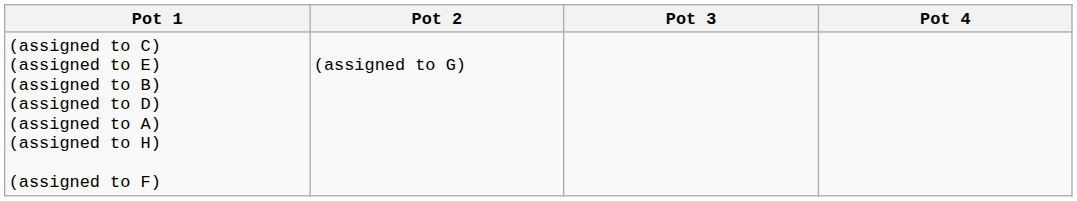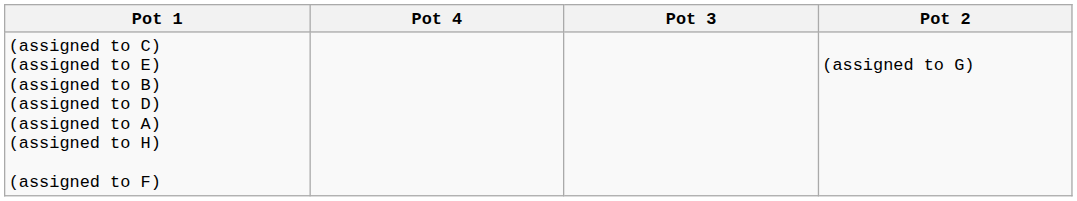 <table class="wikitable">
 <tr>
 <th style="width: 18%;">Pot 1</th>
+<th style="width: 15%;">Pot 4</th>
+<th style="width: 15%;">Pot 3</th>
 <th style="width: 15%;">Pot 2</th>
-<th style="width: 15%;">Pot 3</th>
-<th style="width: 15%;">Pot 4</th>
 </tr>
 <tr>
 <td style="vertical-align: top;"> (assigned to C)<br> (assigned to E)<br> (assigned to B)<br> (assigned to D)<br> (assigned to A)<br> (assigned to H)<br><br> (assigned to F)</td>
-<td style="vertical-align: top;"><br> (assigned to G)<br><br><br><br><br><br></td>
 <td style="vertical-align: top;"><br><br><br><br><br><br><br></td>
 <td style="vertical-align: top;"><br><br><br><br><br><br><br></td>
+<td style="vertical-align: top;"><br> (assigned to G)<br><br><br><br><br><br></td>
 </tr>
 </table>
